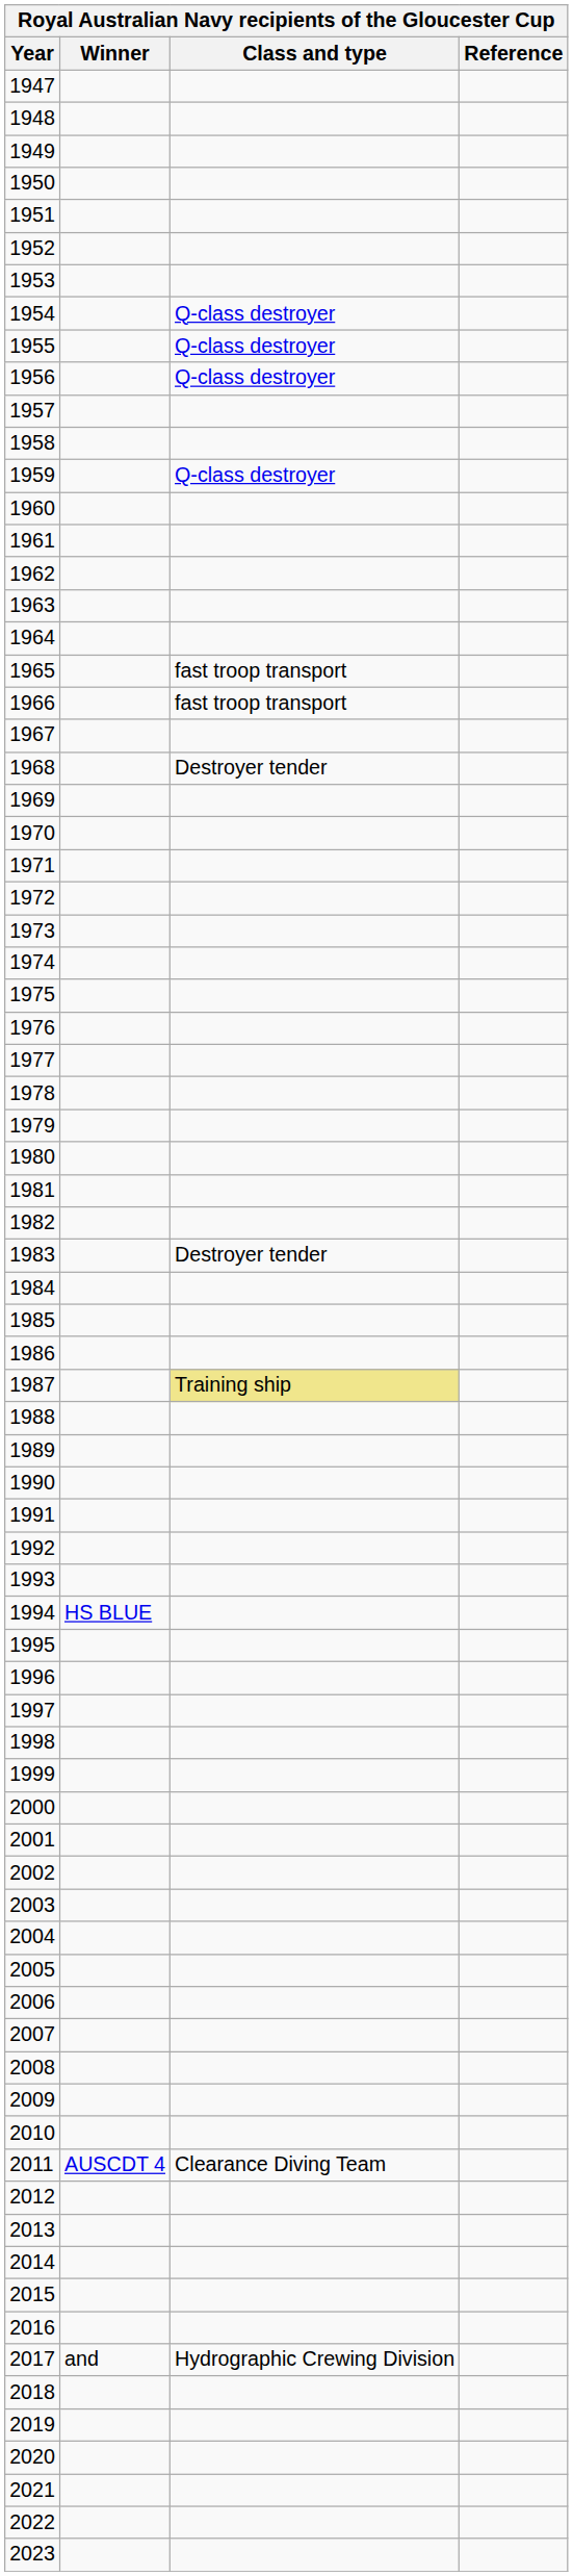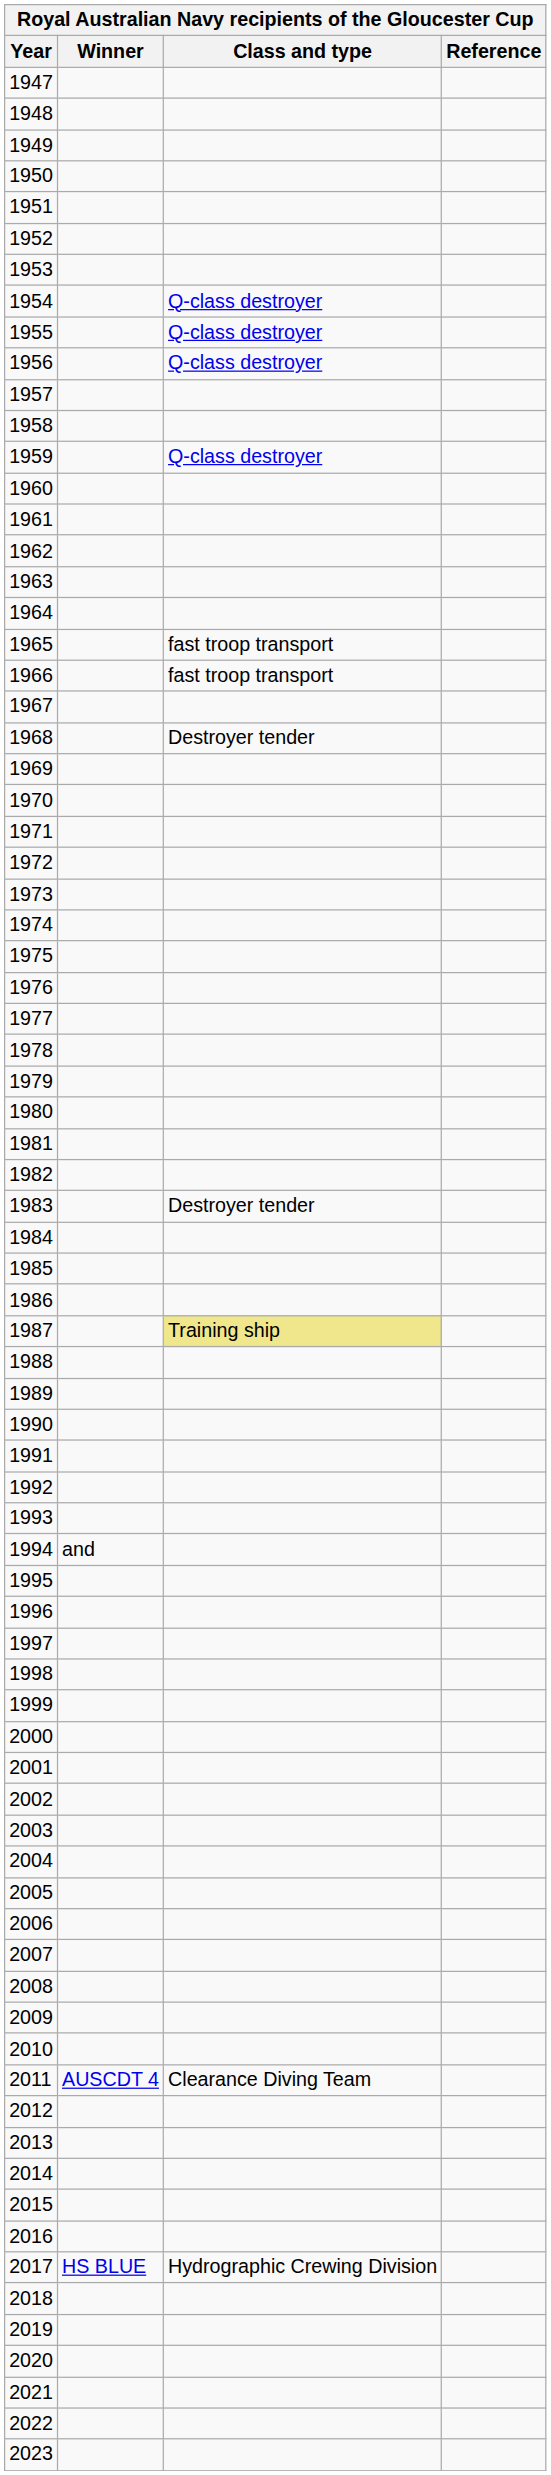 <table class="wikitable sortable collapsible collapsed" border="1">
 <tr>
 <th colspan="4" align="center">Royal Australian Navy recipients of the Gloucester Cup</th>
 </tr>
 <tr>
 <th>Year</th>
 <th>Winner</th>
 <th>Class and type</th>
 <th>Reference</th>
 </tr>
 <tr>
 <td>1947</td>
 <td></td>
 <td></td>
 <td></td>
 </tr>
 <tr>
 <td>1948</td>
 <td></td>
 <td></td>
 <td></td>
 </tr>
 <tr>
 <td>1949</td>
 <td></td>
 <td></td>
 <td></td>
 </tr>
 <tr>
 <td>1950</td>
 <td></td>
 <td></td>
 <td></td>
 </tr>
 <tr>
 <td>1951</td>
 <td></td>
 <td></td>
 <td></td>
 </tr>
 <tr>
 <td>1952</td>
 <td></td>
 <td></td>
 <td></td>
 </tr>
 <tr>
 <td>1953</td>
 <td></td>
 <td></td>
 <td></td>
 </tr>
 <tr>
 <td>1954</td>
 <td></td>
 <td><a href='#'>Q-class destroyer</a></td>
 <td></td>
 </tr>
 <tr>
 <td>1955</td>
 <td></td>
 <td><a href='#'>Q-class destroyer</a></td>
 <td></td>
 </tr>
 <tr>
 <td>1956</td>
 <td></td>
 <td><a href='#'>Q-class destroyer</a></td>
 <td></td>
 </tr>
 <tr>
 <td>1957</td>
 <td></td>
 <td></td>
 <td></td>
 </tr>
 <tr>
 <td>1958</td>
 <td></td>
 <td></td>
 <td></td>
 </tr>
 <tr>
 <td>1959</td>
 <td></td>
 <td><a href='#'>Q-class destroyer</a></td>
 <td></td>
 </tr>
 <tr>
 <td>1960</td>
 <td></td>
 <td></td>
 <td></td>
 </tr>
 <tr>
 <td>1961</td>
 <td></td>
 <td></td>
 <td></td>
 </tr>
 <tr>
 <td>1962</td>
 <td></td>
 <td></td>
 <td></td>
 </tr>
 <tr>
 <td>1963</td>
 <td></td>
 <td></td>
 <td></td>
 </tr>
 <tr>
 <td>1964</td>
 <td></td>
 <td></td>
 <td></td>
 </tr>
 <tr>
 <td>1965</td>
 <td></td>
 <td> fast troop transport</td>
 <td></td>
 </tr>
 <tr>
 <td>1966</td>
 <td></td>
 <td> fast troop transport</td>
 <td></td>
 </tr>
 <tr>
 <td>1967</td>
 <td></td>
 <td></td>
 <td></td>
 </tr>
 <tr>
 <td>1968</td>
 <td></td>
 <td>Destroyer tender</td>
 <td></td>
 </tr>
 <tr>
 <td>1969</td>
 <td></td>
 <td></td>
 <td></td>
 </tr>
 <tr>
 <td>1970</td>
 <td></td>
 <td></td>
 <td></td>
 </tr>
 <tr>
 <td>1971</td>
 <td></td>
 <td></td>
 <td></td>
 </tr>
 <tr>
 <td>1972</td>
 <td></td>
 <td></td>
 <td></td>
 </tr>
 <tr>
 <td>1973</td>
 <td></td>
 <td></td>
 <td></td>
 </tr>
 <tr>
 <td>1974</td>
 <td></td>
 <td></td>
 <td></td>
 </tr>
 <tr>
 <td>1975</td>
 <td></td>
 <td></td>
 <td></td>
 </tr>
 <tr>
 <td>1976</td>
 <td></td>
 <td></td>
 <td></td>
 </tr>
 <tr>
 <td>1977</td>
 <td></td>
 <td></td>
 <td></td>
 </tr>
 <tr>
 <td>1978</td>
 <td></td>
 <td></td>
 <td></td>
 </tr>
 <tr>
 <td>1979</td>
 <td></td>
 <td></td>
 <td></td>
 </tr>
 <tr>
 <td>1980</td>
 <td></td>
 <td></td>
 <td></td>
 </tr>
 <tr>
 <td>1981</td>
 <td></td>
 <td></td>
 <td></td>
 </tr>
 <tr>
 <td>1982</td>
 <td></td>
 <td></td>
 <td></td>
 </tr>
 <tr>
 <td>1983</td>
 <td></td>
 <td>Destroyer tender</td>
 <td></td>
 </tr>
 <tr>
 <td>1984</td>
 <td></td>
 <td></td>
 <td></td>
 </tr>
 <tr>
 <td>1985</td>
 <td></td>
 <td></td>
 <td></td>
 </tr>
 <tr>
 <td>1986</td>
 <td></td>
 <td></td>
 <td></td>
 </tr>
 <tr>
 <td>1987</td>
 <td></td>
 <td style="background: khaki;">Training ship</td>
 <td></td>
 </tr>
 <tr>
 <td>1988</td>
 <td></td>
 <td></td>
 <td></td>
 </tr>
 <tr>
 <td>1989</td>
 <td></td>
 <td></td>
 <td></td>
 </tr>
 <tr>
 <td>1990</td>
 <td></td>
 <td></td>
 <td></td>
 </tr>
 <tr>
 <td>1991</td>
 <td></td>
 <td></td>
 <td></td>
 </tr>
 <tr>
 <td>1992</td>
 <td></td>
 <td></td>
 <td></td>
 </tr>
 <tr>
 <td>1993</td>
 <td></td>
 <td></td>
 <td></td>
 </tr>
 <tr>
 <td>1994</td>
-<td><a href='#'>HS BLUE</a></td>
+<td> and<br></td>
 <td><br></td>
 <td></td>
 </tr>
 <tr>
 <td>1995</td>
 <td></td>
 <td></td>
 <td></td>
 </tr>
 <tr>
 <td>1996</td>
 <td></td>
 <td></td>
 <td></td>
 </tr>
 <tr>
 <td>1997</td>
 <td></td>
 <td></td>
 <td></td>
 </tr>
 <tr>
 <td>1998</td>
 <td></td>
 <td></td>
 <td></td>
 </tr>
 <tr>
 <td>1999</td>
 <td></td>
 <td></td>
 <td></td>
 </tr>
 <tr>
 <td>2000</td>
 <td></td>
 <td></td>
 <td></td>
 </tr>
 <tr>
 <td>2001</td>
 <td></td>
 <td></td>
 <td></td>
 </tr>
 <tr>
 <td>2002</td>
 <td></td>
 <td></td>
 <td></td>
 </tr>
 <tr>
 <td>2003</td>
 <td></td>
 <td></td>
 <td></td>
 </tr>
 <tr>
 <td>2004</td>
 <td></td>
 <td></td>
 <td></td>
 </tr>
 <tr>
 <td>2005</td>
 <td></td>
 <td></td>
 <td></td>
 </tr>
 <tr>
 <td>2006</td>
 <td></td>
 <td></td>
 <td></td>
 </tr>
 <tr>
 <td>2007</td>
 <td></td>
 <td></td>
 <td></td>
 </tr>
 <tr>
 <td>2008</td>
 <td></td>
 <td></td>
 <td></td>
 </tr>
 <tr>
 <td>2009</td>
 <td></td>
 <td></td>
 <td></td>
 </tr>
 <tr>
 <td>2010</td>
 <td></td>
 <td></td>
 <td></td>
 </tr>
 <tr>
 <td>2011</td>
 <td><a href='#'>AUSCDT 4</a></td>
 <td>Clearance Diving Team</td>
 <td></td>
 </tr>
 <tr>
 <td>2012</td>
 <td></td>
 <td></td>
 <td></td>
 </tr>
 <tr>
 <td>2013</td>
 <td></td>
 <td></td>
 <td></td>
 </tr>
 <tr>
 <td>2014</td>
 <td></td>
 <td></td>
 <td></td>
 </tr>
 <tr>
 <td>2015</td>
 <td></td>
 <td></td>
 <td></td>
 </tr>
 <tr>
 <td>2016</td>
 <td></td>
 <td></td>
 <td></td>
 </tr>
 <tr>
 <td>2017</td>
-<td> and<br></td>
+<td><a href='#'>HS BLUE</a></td>
 <td>Hydrographic Crewing Division</td>
 <td></td>
 </tr>
 <tr>
 <td>2018</td>
 <td></td>
 <td></td>
 <td></td>
 </tr>
 <tr>
 <td>2019</td>
 <td></td>
 <td></td>
 <td></td>
 </tr>
 <tr>
 <td>2020</td>
 <td></td>
 <td></td>
 <td></td>
 </tr>
 <tr>
 <td>2021</td>
 <td></td>
 <td></td>
 <td></td>
 </tr>
 <tr>
 <td>2022</td>
 <td></td>
 <td></td>
 <td></td>
 </tr>
 <tr>
 <td>2023</td>
 <td></td>
 <td></td>
 <td></td>
 </tr>
 </table>
